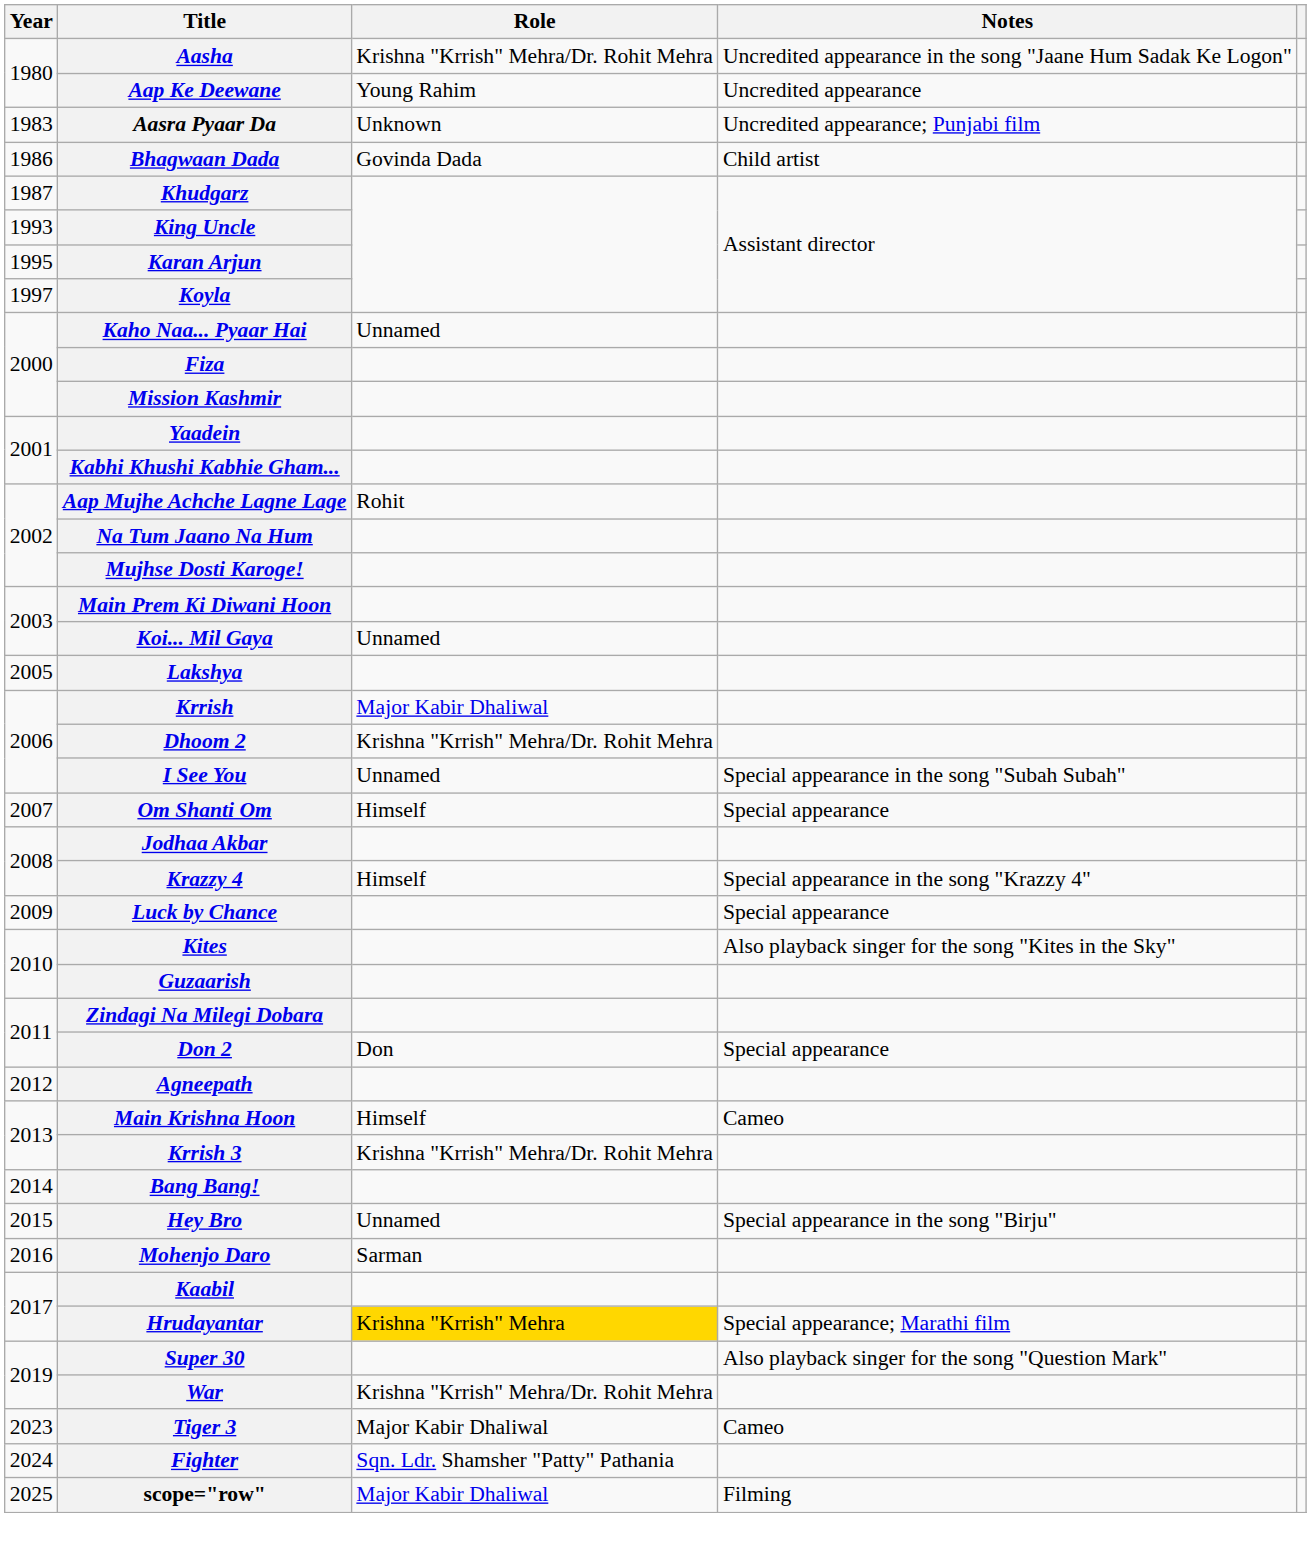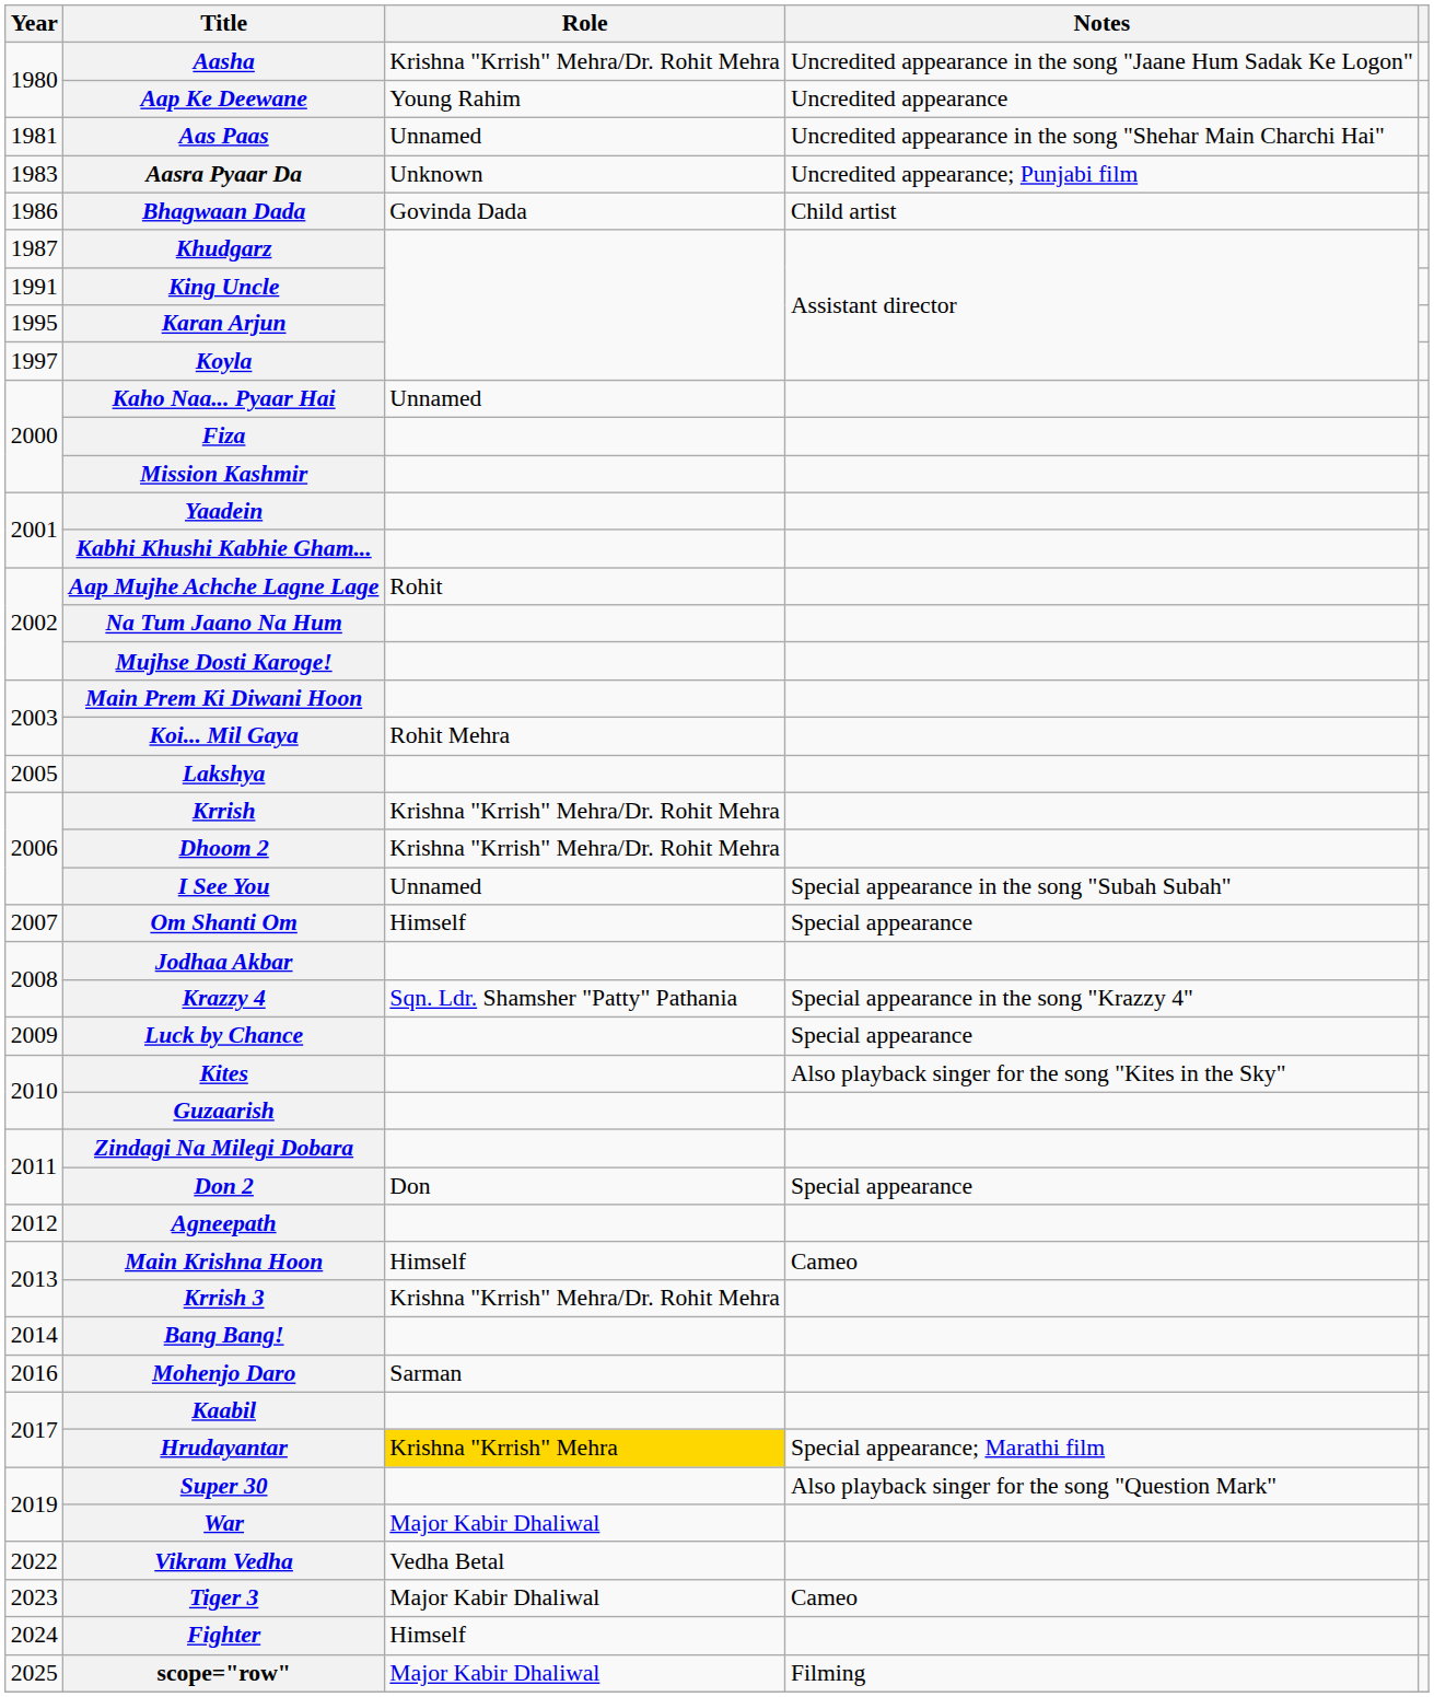 <table class="wikitable plainrowheaders sortable">
 <tr>
 <th scope="col">Year</th>
 <th scope="col">Title</th>
 <th scope="col">Role</th>
 <th scope="col" class="unsortable">Notes</th>
 <th scope="col" class="unsortable"></th>
 </tr>
 <tr>
 <td rowspan="2">1980</td>
 <th scope="row"><em><a href='#'>Aasha</a></em></th>
 <td>Krishna "Krrish" Mehra/Dr. Rohit Mehra</td>
 <td>Uncredited appearance in the song "Jaane Hum Sadak Ke Logon"</td>
 <td style="text-align: center;"></td>
 </tr>
 <tr>
 <th scope="row"><em><a href='#'>Aap Ke Deewane</a></em></th>
 <td>Young Rahim</td>
 <td>Uncredited appearance</td>
+<td style="text-align: center;"></td>
+</tr>
+<tr>
+<td>1981</td>
+<th scope="row"><em><a href='#'>Aas Paas</a></em></th>
+<td>Unnamed</td>
+<td>Uncredited appearance in the song "Shehar Main Charchi Hai"</td>
 <td style="text-align: center;"></td>
 </tr>
 <tr>
 <td>1983</td>
 <th scope="row"><em>Aasra Pyaar Da</em></th>
 <td>Unknown</td>
 <td>Uncredited appearance; <a href='#'>Punjabi film</a></td>
 <td style="text-align: center;"></td>
 </tr>
 <tr>
 <td>1986</td>
 <th scope="row"><em><a href='#'>Bhagwaan Dada</a></em></th>
 <td>Govinda Dada</td>
 <td>Child artist</td>
 <td style="text-align: center;"></td>
 </tr>
 <tr>
 <td>1987</td>
 <th scope="row"><em><a href='#'>Khudgarz</a></em></th>
 <td rowspan="4"></td>
 <td rowspan="4">Assistant director</td>
 <td style="text-align: center;"></td>
 </tr>
 <tr>
-<td>1993</td>
+<td>1991</td>
 <th scope="row"><em><a href='#'>King Uncle</a></em></th>
 <td style="text-align: center;"></td>
 </tr>
 <tr>
 <td>1995</td>
 <th scope="row"><em><a href='#'>Karan Arjun</a></em></th>
 <td style="text-align: center;"></td>
 </tr>
 <tr>
 <td>1997</td>
 <th scope="row"><em><a href='#'>Koyla</a></em></th>
 <td style="text-align: center;"></td>
 </tr>
 <tr>
 <td rowspan="3">2000</td>
 <th scope="row"><em><a href='#'>Kaho Naa... Pyaar Hai</a></em></th>
 <td>Unnamed</td>
 <td></td>
 <td style="text-align: center;"></td>
 </tr>
 <tr>
 <th scope="row"><em><a href='#'>Fiza</a></em></th>
 <td></td>
 <td></td>
 <td style="text-align: center;"></td>
 </tr>
 <tr>
 <th scope="row"><em><a href='#'>Mission Kashmir</a></em></th>
 <td></td>
 <td></td>
 <td style="text-align: center;"></td>
 </tr>
 <tr>
 <td rowspan="2">2001</td>
 <th scope="row"><em><a href='#'>Yaadein</a></em></th>
 <td></td>
 <td></td>
 <td style="text-align: center;"></td>
 </tr>
 <tr>
 <th scope="row"><em><a href='#'>Kabhi Khushi Kabhie Gham...</a></em></th>
 <td></td>
 <td></td>
 <td style="text-align: center;"></td>
 </tr>
 <tr>
 <td rowspan="3">2002</td>
 <th scope="row"><em><a href='#'>Aap Mujhe Achche Lagne Lage</a></em></th>
 <td>Rohit</td>
 <td></td>
 <td style="text-align: center;"></td>
 </tr>
 <tr>
 <th scope="row"><em><a href='#'>Na Tum Jaano Na Hum</a></em></th>
 <td></td>
 <td></td>
 <td style="text-align: center;"></td>
 </tr>
 <tr>
 <th scope="row"><em><a href='#'>Mujhse Dosti Karoge!</a></em></th>
 <td></td>
 <td></td>
 <td style="text-align: center;"></td>
 </tr>
 <tr>
 <td rowspan="2">2003</td>
 <th scope="row"><em><a href='#'>Main Prem Ki Diwani Hoon</a></em></th>
 <td></td>
 <td></td>
 <td style="text-align: center;"></td>
 </tr>
 <tr>
 <th scope="row"><em><a href='#'>Koi... Mil Gaya</a></em></th>
-<td>Unnamed</td>
+<td>Rohit Mehra</td>
 <td></td>
 <td style="text-align: center;"></td>
 </tr>
 <tr>
 <td>2005</td>
 <th scope="row"><em><a href='#'>Lakshya</a></em></th>
 <td></td>
 <td></td>
 <td style="text-align: center;"></td>
 </tr>
 <tr>
 <td rowspan="3">2006</td>
 <th scope="row"><em><a href='#'>Krrish</a></em></th>
-<td><a href='#'>Major Kabir Dhaliwal</a></td>
+<td>Krishna "Krrish" Mehra/Dr. Rohit Mehra</td>
 <td></td>
 <td style="text-align: center;"></td>
 </tr>
 <tr>
 <th scope="row"><em><a href='#'>Dhoom 2</a></em></th>
 <td>Krishna "Krrish" Mehra/Dr. Rohit Mehra</td>
 <td></td>
 <td style="text-align: center;"></td>
 </tr>
 <tr>
 <th scope="row"><em><a href='#'>I See You</a></em></th>
 <td>Unnamed</td>
 <td>Special appearance in the song "Subah Subah"</td>
 <td style="text-align: center;"></td>
 </tr>
 <tr>
 <td>2007</td>
 <th scope="row"><em><a href='#'>Om Shanti Om</a></em></th>
 <td>Himself</td>
 <td>Special appearance</td>
 <td style="text-align: center;"></td>
 </tr>
 <tr>
 <td rowspan="2">2008</td>
 <th scope="row"><em><a href='#'>Jodhaa Akbar</a></em></th>
 <td></td>
 <td></td>
 <td style="text-align: center;"></td>
 </tr>
 <tr>
 <th scope="row"><em><a href='#'>Krazzy 4</a></em></th>
-<td>Himself</td>
+<td><a href='#'>Sqn. Ldr.</a> Shamsher "Patty" Pathania</td>
 <td>Special appearance in the song "Krazzy 4"</td>
 <td style="text-align: center;"></td>
 </tr>
 <tr>
 <td>2009</td>
 <th scope="row"><em><a href='#'>Luck by Chance</a></em></th>
 <td></td>
 <td>Special appearance</td>
 <td style="text-align: center;"></td>
 </tr>
 <tr>
 <td rowspan="2">2010</td>
 <th scope="row"><em><a href='#'>Kites</a></em></th>
 <td></td>
 <td>Also playback singer for the song "Kites in the Sky"</td>
 <td style="text-align: center;"></td>
 </tr>
 <tr>
 <th scope="row"><em><a href='#'>Guzaarish</a></em></th>
 <td></td>
 <td></td>
 <td style="text-align: center;"></td>
 </tr>
 <tr>
 <td rowspan="2">2011</td>
 <th scope="row"><em><a href='#'>Zindagi Na Milegi Dobara</a></em></th>
 <td></td>
 <td></td>
 <td style="text-align: center;"></td>
 </tr>
 <tr>
 <th scope="row"><em><a href='#'>Don 2</a></em></th>
 <td>Don</td>
 <td>Special appearance</td>
 <td style="text-align: center;"></td>
 </tr>
 <tr>
 <td>2012</td>
 <th scope="row"><em><a href='#'>Agneepath</a></em></th>
 <td></td>
 <td></td>
 <td style="text-align: center;"></td>
 </tr>
 <tr>
 <td rowspan="2">2013</td>
 <th scope="row"><em><a href='#'>Main Krishna Hoon</a></em></th>
 <td>Himself</td>
 <td>Cameo</td>
 <td style="text-align: center;"></td>
 </tr>
 <tr>
 <th scope="row"><em><a href='#'>Krrish 3</a></em></th>
 <td>Krishna "Krrish" Mehra/Dr. Rohit Mehra</td>
 <td></td>
 <td style="text-align: center;"></td>
 </tr>
 <tr>
 <td>2014</td>
 <th scope="row"><em><a href='#'>Bang Bang!</a></em></th>
 <td></td>
 <td></td>
 <td style="text-align: center;"></td>
 </tr>
 <tr>
-<td>2015</td>
-<th scope="row"><em><a href='#'>Hey Bro</a></em></th>
-<td>Unnamed</td>
-<td>Special appearance in the song "Birju"</td>
-<td style="text-align: center;"></td>
-</tr>
-<tr>
 <td>2016</td>
 <th scope="row"><em><a href='#'>Mohenjo Daro</a></em></th>
 <td>Sarman</td>
 <td></td>
 <td style="text-align: center;"></td>
 </tr>
 <tr>
 <td rowspan=2>2017</td>
 <th scope="row"><em><a href='#'>Kaabil</a></em></th>
 <td></td>
 <td></td>
 <td style="text-align: center;"></td>
 </tr>
 <tr>
 <th scope="row"><em><a href='#'>Hrudayantar</a></em></th>
 <td style="background: gold;">Krishna "Krrish" Mehra</td>
 <td>Special appearance; <a href='#'>Marathi film</a></td>
 <td style="text-align: center;"></td>
 </tr>
 <tr>
 <td rowspan="2">2019</td>
 <th scope="row"><em><a href='#'>Super 30</a></em></th>
 <td></td>
 <td>Also playback singer for the song "Question Mark"</td>
 <td style="text-align: center;"></td>
 </tr>
 <tr>
 <th scope="row"><em><a href='#'>War</a></em></th>
-<td>Krishna "Krrish" Mehra/Dr. Rohit Mehra</td>
+<td><a href='#'>Major Kabir Dhaliwal</a></td>
+<td></td>
+<td style="text-align: center;"></td>
+</tr>
+<tr>
+<td>2022</td>
+<th scope="row"><em><a href='#'>Vikram Vedha</a></em></th>
+<td>Vedha Betal</td>
 <td></td>
 <td style="text-align: center;"></td>
 </tr>
 <tr>
 <td>2023</td>
 <th scope="row"><em><a href='#'>Tiger 3</a></em></th>
 <td>Major Kabir Dhaliwal</td>
 <td>Cameo</td>
 <td style="text-align: center;"></td>
 </tr>
 <tr>
 <td>2024</td>
 <th scope="row"><em><a href='#'>Fighter</a></em></th>
-<td><a href='#'>Sqn. Ldr.</a> Shamsher "Patty" Pathania</td>
+<td>Himself</td>
 <td></td>
 <td style="text-align: center;"></td>
 </tr>
 <tr>
 <td>2025</td>
 <th>scope="row" </th>
 <td><a href='#'>Major Kabir Dhaliwal</a></td>
 <td>Filming</td>
 <td style="text-align: center;"></td>
 </tr>
 <tr>
 </tr>
 </table>
